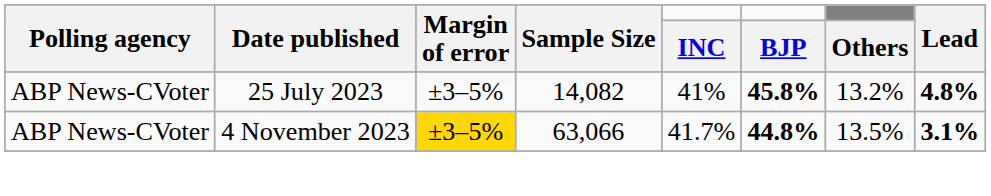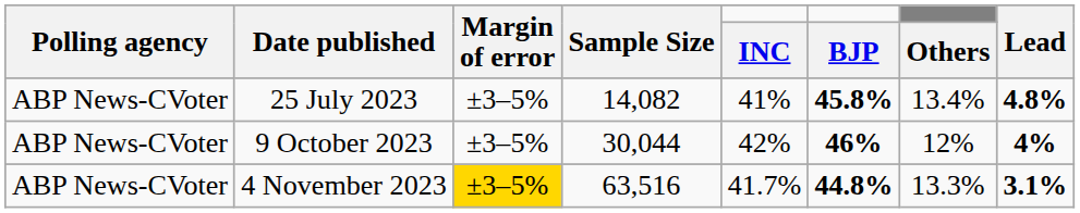 <table class="wikitable" style="text-align:center;font-size:95%;line-height:16px;">
 <tr>
 <th rowspan="2">Polling agency</th>
 <th rowspan="2">Date published</th>
 <th rowspan="2">Margin<br>of error</th>
 <th rowspan="2">Sample Size</th>
 <td></td>
 <td></td>
 <td style="background:gray;"></td>
 <th rowspan="2">Lead</th>
 </tr>
 <tr>
 <th><a href='#'>INC</a></th>
 <th><a href='#'>BJP</a></th>
 <th>Others</th>
 </tr>
 <tr>
 <td>ABP News-CVoter</td>
 <td>25 July 2023</td>
 <td>±3–5%</td>
 <td>14,082</td>
 <td>41%</td>
 <td><strong>45.8%</strong></td>
-<td>13.2%</td>
+<td>13.4%</td>
 <td><strong>4.8%</strong></td>
+</tr>
+<tr>
+<td>ABP News-CVoter</td>
+<td>9 October 2023</td>
+<td>±3–5%</td>
+<td>30,044</td>
+<td>42%</td>
+<td><strong>46%</strong></td>
+<td>12%</td>
+<td><strong>4%</strong></td>
 </tr>
 <tr>
 <td>ABP News-CVoter</td>
 <td>4 November 2023</td>
 <td style="background: gold;">±3–5%</td>
-<td>63,066</td>
+<td>63,516</td>
 <td>41.7%</td>
 <td><strong>44.8%</strong></td>
-<td>13.5%</td>
+<td>13.3%</td>
 <td><strong>3.1%</strong></td>
 </tr>
 </table>
